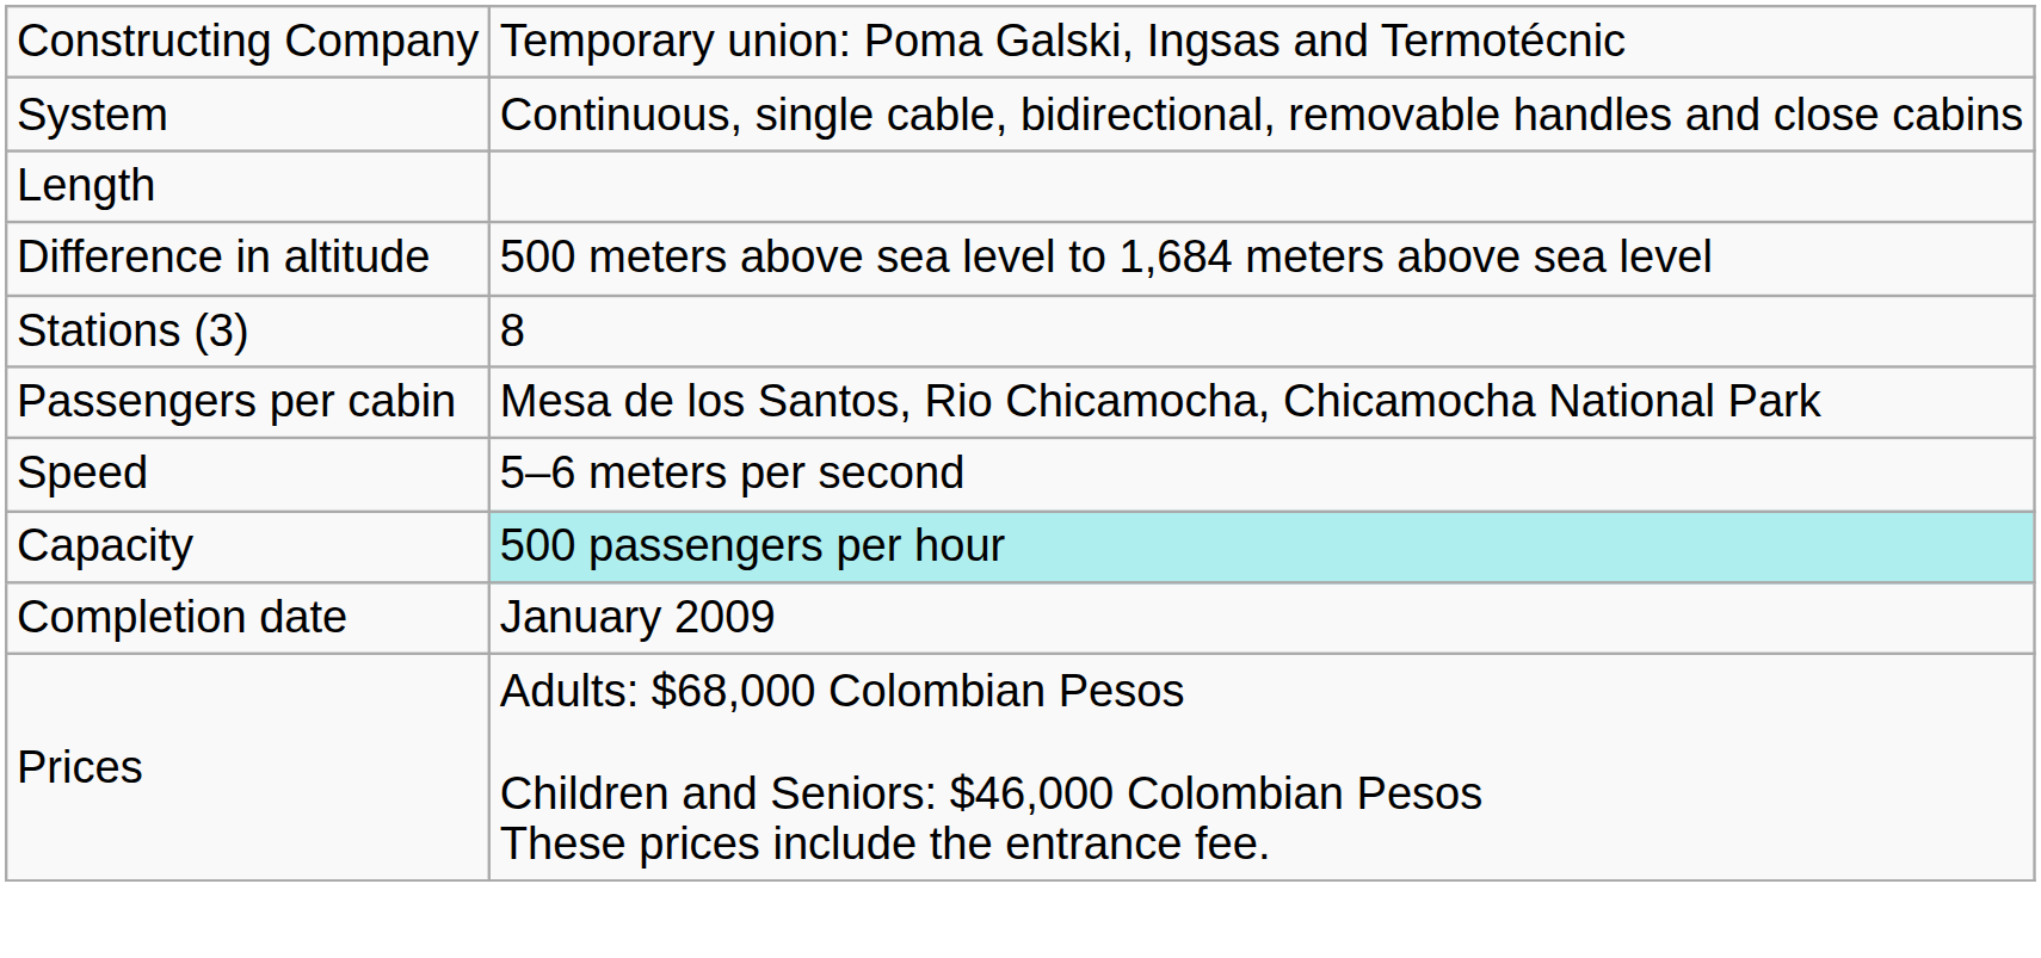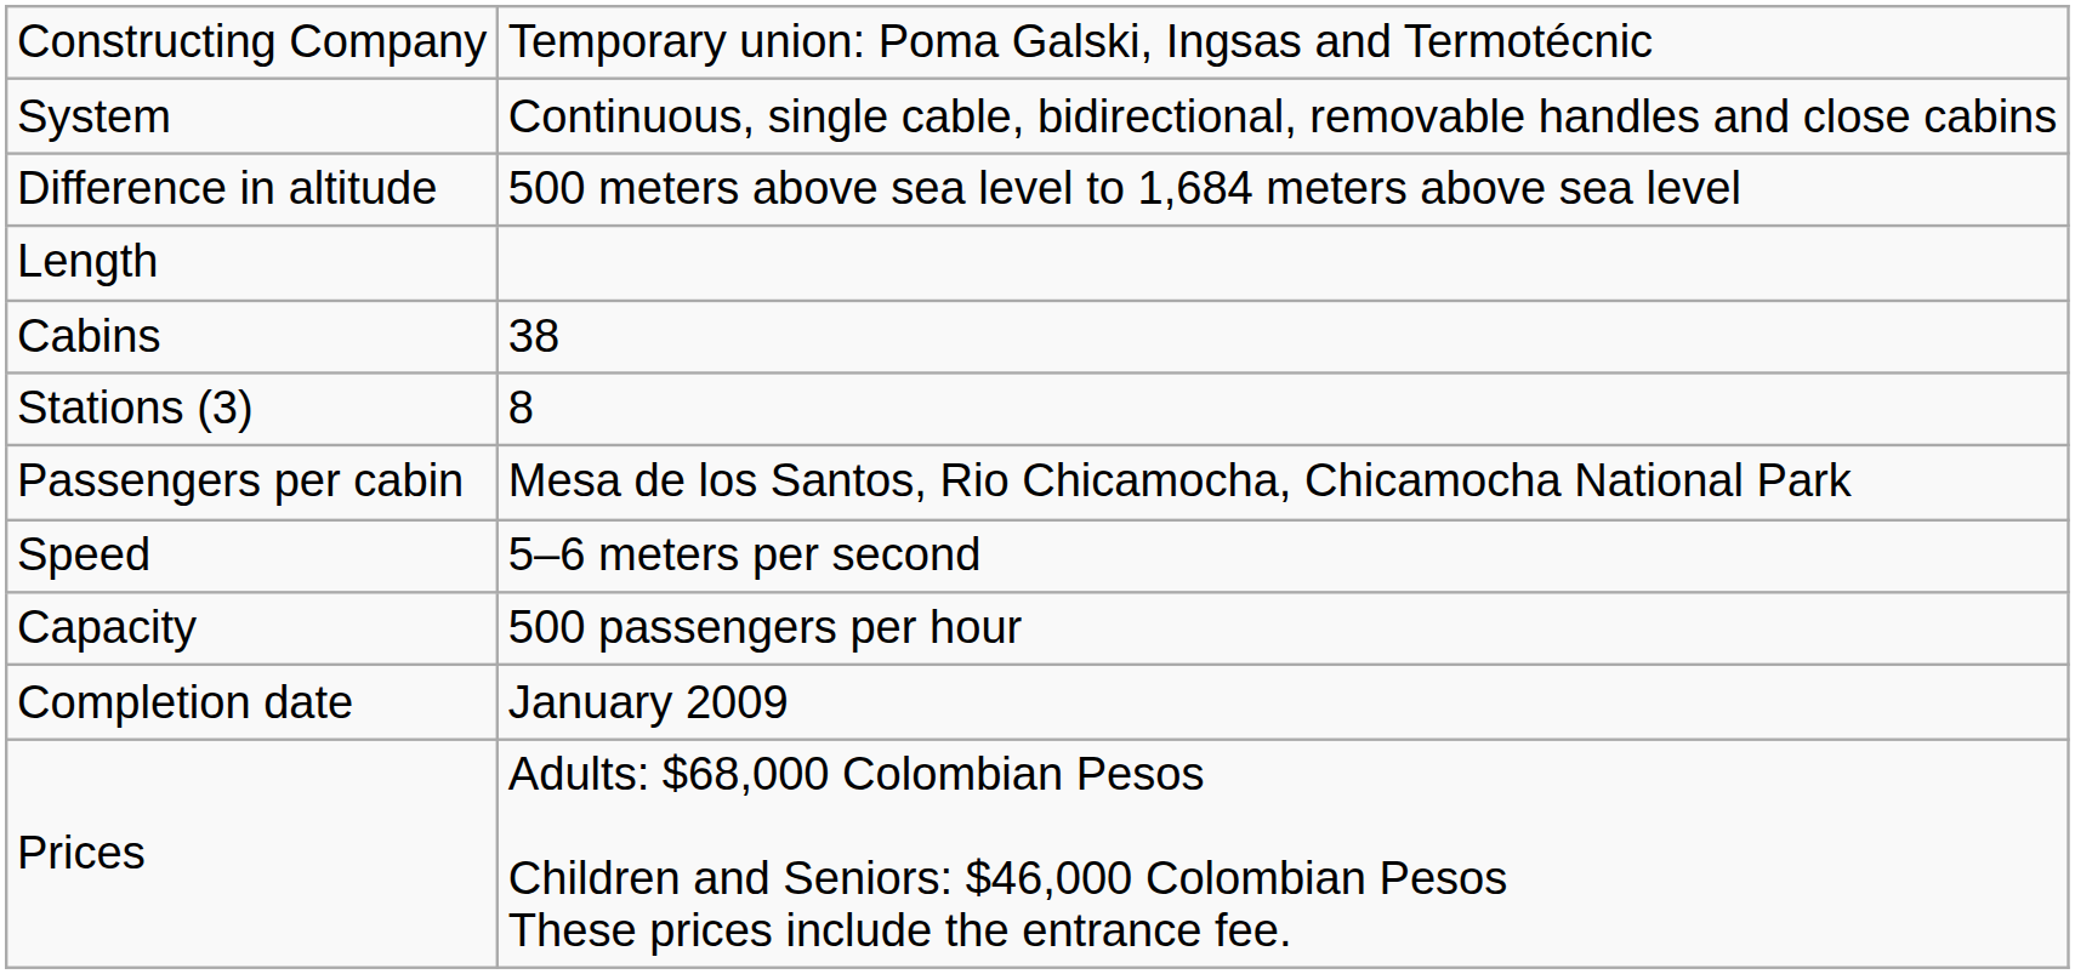 <table class="wikitable">
 <tr>
 <td>Constructing Company</td>
 <td>Temporary union: Poma Galski, Ingsas and Termotécnic</td>
 </tr>
 <tr>
 <td>System</td>
 <td>Continuous, single cable, bidirectional, removable handles and close cabins</td>
 </tr>
 <tr>
+<td>Difference in altitude</td>
+<td>500 meters above sea level to 1,684 meters above sea level</td>
+</tr>
+<tr>
 <td>Length</td>
 <td></td>
 </tr>
 <tr>
-<td>Difference in altitude</td>
-<td>500 meters above sea level to 1,684 meters above sea level</td>
+<td>Cabins</td>
+<td>38</td>
 </tr>
 <tr>
 <td>Stations (3)</td>
 <td>8</td>
 </tr>
 <tr>
 <td>Passengers per cabin</td>
 <td>Mesa de los Santos, Rio Chicamocha, Chicamocha National Park</td>
 </tr>
 <tr>
 <td>Speed</td>
 <td>5–6 meters per second</td>
 </tr>
 <tr>
 <td>Capacity</td>
-<td style="background: paleturquoise;">500 passengers per hour</td>
+<td>500 passengers per hour</td>
 </tr>
 <tr>
 <td>Completion date</td>
 <td>January 2009</td>
 </tr>
 <tr>
 <td>Prices</td>
 <td>Adults: $68,000 Colombian Pesos<br><br>Children and Seniors: $46,000 Colombian Pesos<br> These prices include the entrance fee.</td>
 </tr>
 </table>
